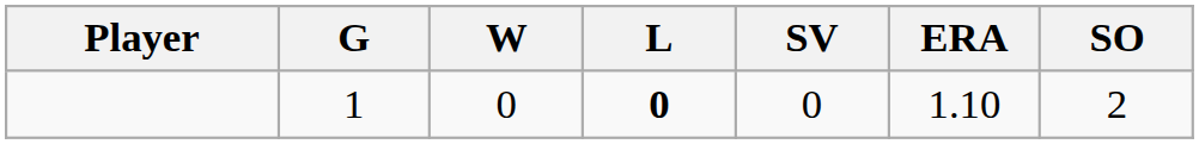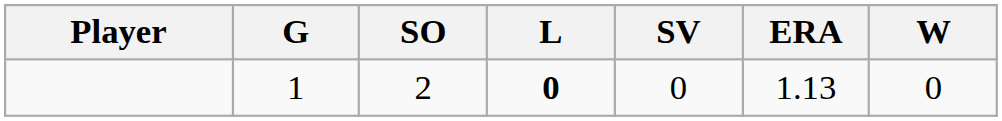 <table class="wikitable sortable">
 <tr>
 <th bgcolor="#DDDDFF" width="16%">Player</th>
 <th bgcolor="#DDDDFF" width="9%">G</th>
-<th bgcolor="#DDDDFF" width="9%">W</th>
+<th bgcolor="#DDDDFF" width="9%">SO</th>
 <th bgcolor="#DDDDFF" width="9%">L</th>
 <th bgcolor="#DDDDFF" width="9%">SV</th>
 <th bgcolor="#DDDDFF" width="9%">ERA</th>
-<th bgcolor="#DDDDFF" width="9%">SO</th>
+<th bgcolor="#DDDDFF" width="9%">W</th>
 </tr>
 <tr align="center">
 <td></td>
 <td>1</td>
-<td>0</td>
+<td>2</td>
 <td><strong>0</strong></td>
 <td>0</td>
-<td>1.10</td>
-<td>2</td>
+<td>1.13</td>
+<td>0</td>
 </tr>
 </table>
